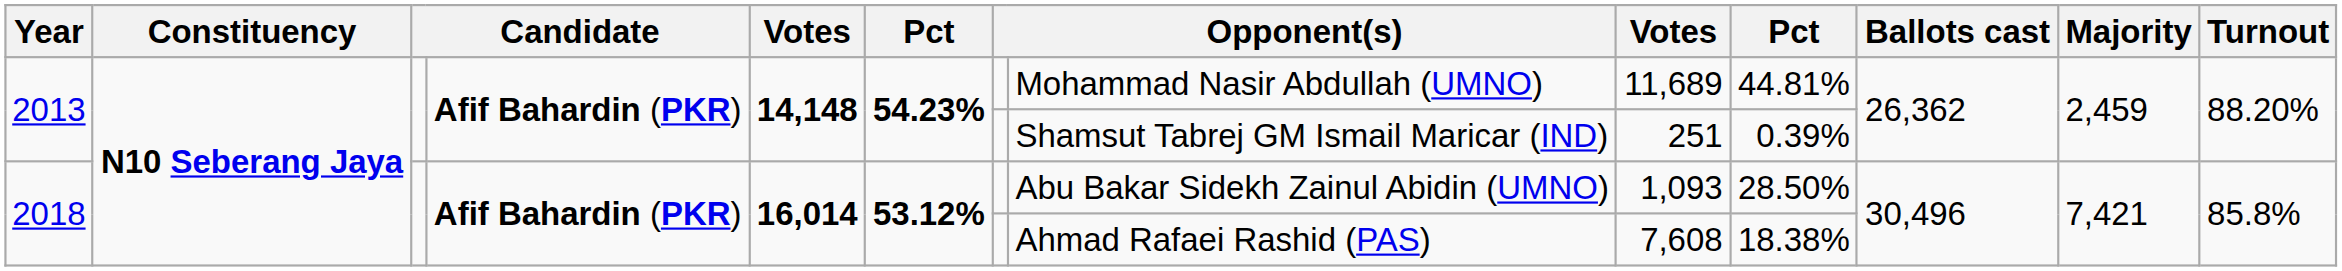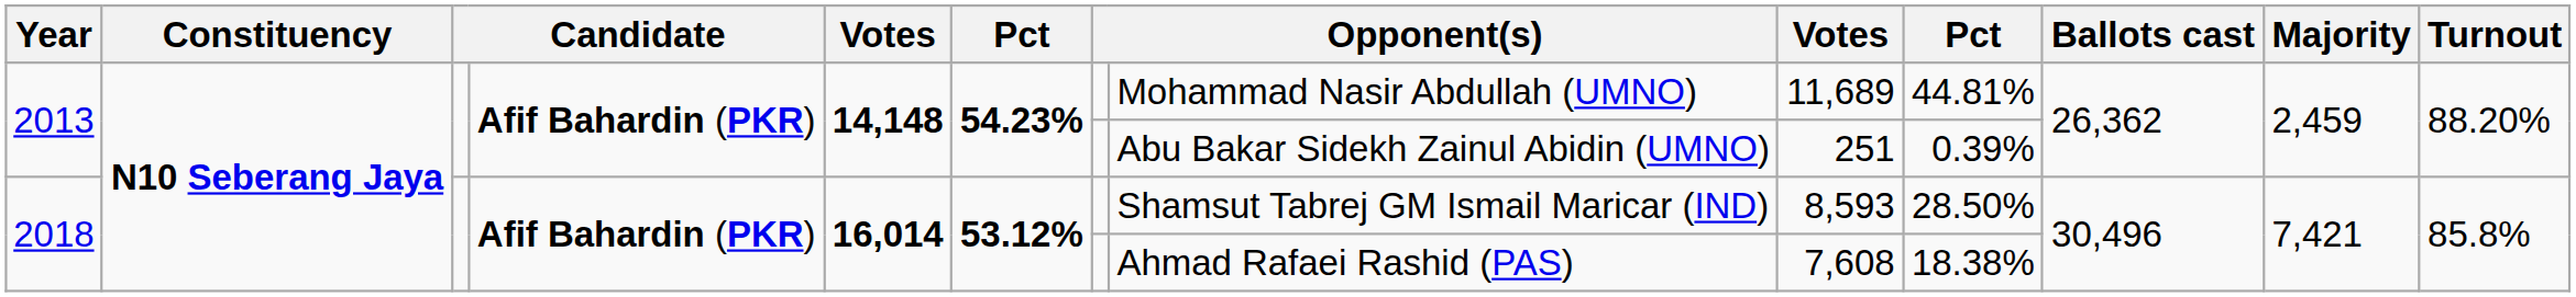 <table class="wikitable" style="margin:0.5em ; font-size:95%">
 <tr>
 <th>Year</th>
 <th>Constituency</th>
 <th colspan=2>Candidate</th>
 <th>Votes</th>
 <th>Pct</th>
 <th colspan=2>Opponent(s)</th>
 <th>Votes</th>
 <th>Pct</th>
 <th>Ballots cast</th>
 <th>Majority</th>
 <th>Turnout</th>
 </tr>
 <tr>
 <td rowspan="2"><a href='#'>2013</a></td>
 <td rowspan="4"><strong>N10 <a href='#'>Seberang Jaya</a></strong></td>
 <td rowspan="2"></td>
 <td rowspan="2"><strong>Afif Bahardin</strong> (<a href='#'><strong>PKR</strong></a>)</td>
 <td rowspan="2" align=right><strong>14,148</strong></td>
 <td rowspan="2"><strong>54.23%</strong></td>
 <td></td>
 <td>Mohammad Nasir Abdullah (<a href='#'>UMNO</a>)</td>
 <td align="right">11,689</td>
 <td>44.81%</td>
 <td rowspan="2">26,362</td>
 <td rowspan="2">2,459</td>
 <td rowspan="2">88.20%</td>
 </tr>
 <tr>
 <td></td>
-<td>Shamsut Tabrej GM Ismail Maricar (<a href='#'>IND</a>)</td>
+<td>Abu Bakar Sidekh Zainul Abidin (<a href='#'>UMNO</a>)</td>
 <td align="right">251</td>
 <td align=right>0.39%</td>
 </tr>
 <tr>
 <td rowspan="2"><a href='#'>2018</a></td>
 <td rowspan="2" ></td>
 <td rowspan="2"><strong>Afif Bahardin</strong> (<a href='#'><strong>PKR</strong></a>)</td>
 <td rowspan="2" align=right><strong>16,014</strong></td>
 <td rowspan="2"><strong>53.12%</strong></td>
 <td></td>
-<td>Abu Bakar Sidekh Zainul Abidin (<a href='#'>UMNO</a>)</td>
-<td align="right">1,093</td>
+<td>Shamsut Tabrej GM Ismail Maricar (<a href='#'>IND</a>)</td>
+<td align="right">8,593</td>
 <td>28.50%</td>
 <td rowspan="2">30,496</td>
 <td rowspan="2">7,421</td>
 <td rowspan="2">85.8%</td>
 </tr>
 <tr>
 <td></td>
 <td>Ahmad Rafaei Rashid (<a href='#'>PAS</a>)</td>
 <td align="right">7,608</td>
 <td>18.38%</td>
 </tr>
 </table>
